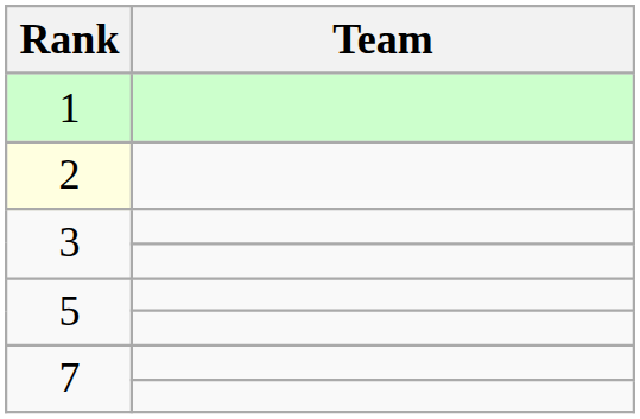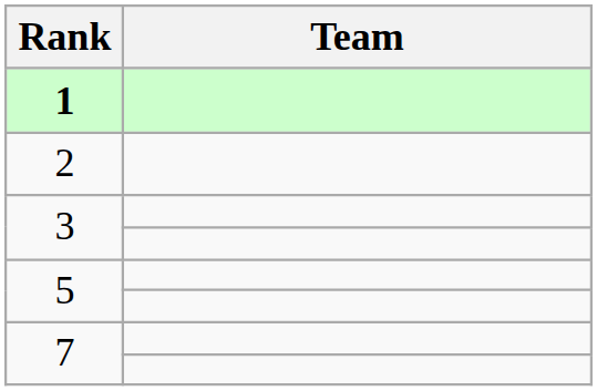 <table class="wikitable" style="text-align:center">
 <tr>
 <th width=40>Rank</th>
 <th width=180>Team</th>
 </tr>
 <tr bgcolor=#ccffcc>
-<td>1</td>
+<td><strong>1</strong></td>
 <td style="text-align:left"></td>
 </tr>
 <tr>
-<td style="background: lightyellow;">2</td>
+<td>2</td>
 <td style="text-align:left"></td>
 </tr>
 <tr>
 <td rowspan=2>3</td>
 <td style="text-align:left"></td>
 </tr>
 <tr>
 <td style="text-align:left"></td>
 </tr>
 <tr>
 <td rowspan=2>5</td>
 <td style="text-align:left"></td>
 </tr>
 <tr>
 <td style="text-align:left"></td>
 </tr>
 <tr>
 <td rowspan=2>7</td>
 <td style="text-align:left"></td>
 </tr>
 <tr>
 <td style="text-align:left"></td>
 </tr>
 </table>
